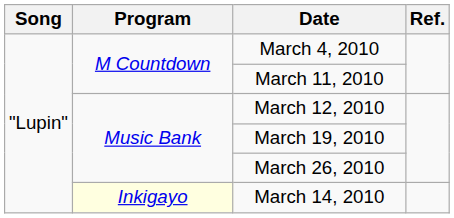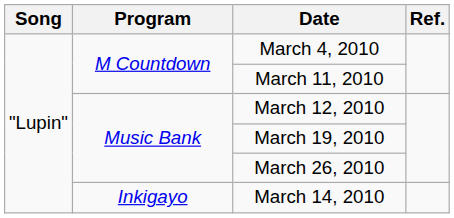 <table class="wikitable" style="text-align:center">
 <tr>
 <th>Song</th>
 <th width="130">Program</th>
 <th width="140">Date</th>
 <th>Ref.</th>
 </tr>
 <tr>
 <td rowspan="6">"Lupin"</td>
 <td rowspan="2"><em><a href='#'>M Countdown</a></em></td>
 <td>March 4, 2010</td>
 <td rowspan="2"></td>
 </tr>
 <tr>
 <td>March 11, 2010</td>
 </tr>
 <tr>
 <td rowspan="3"><em><a href='#'>Music Bank</a></em></td>
 <td>March 12, 2010</td>
 <td rowspan="3"></td>
 </tr>
 <tr>
 <td>March 19, 2010</td>
 </tr>
 <tr>
 <td>March 26, 2010</td>
 </tr>
 <tr>
-<td style="background: lightyellow;"><em><a href='#'>Inkigayo</a></em></td>
+<td><em><a href='#'>Inkigayo</a></em></td>
 <td>March 14, 2010</td>
 <td></td>
 </tr>
 </table>
